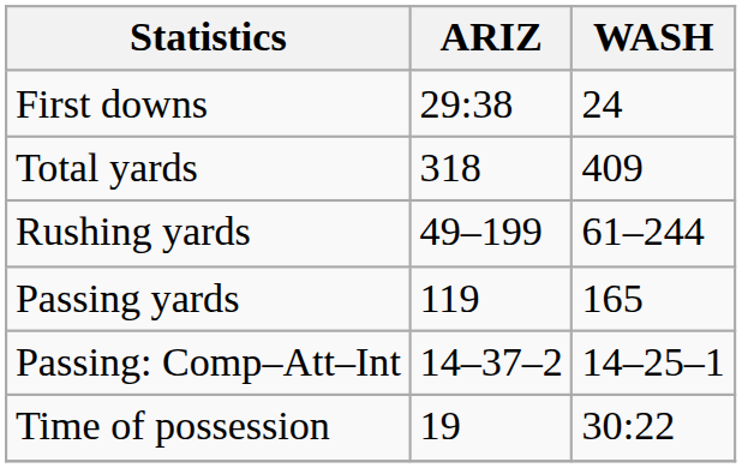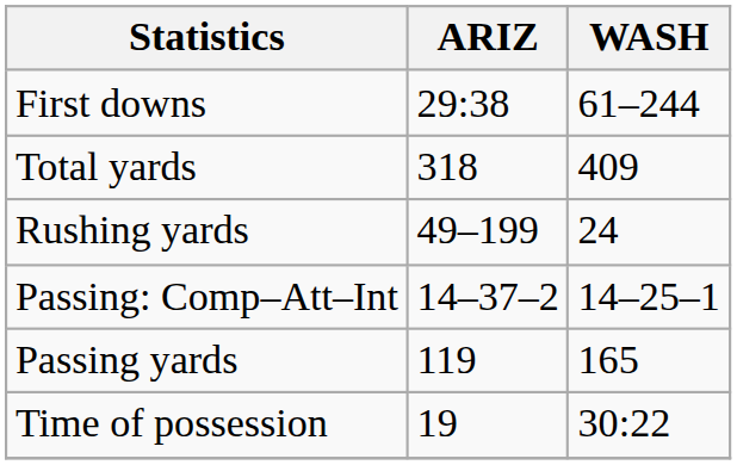 <table class="wikitable" style="float: left;">
 <tr>
 <th>Statistics</th>
 <th>ARIZ</th>
 <th>WASH</th>
 </tr>
 <tr>
 <td>First downs</td>
 <td>29:38</td>
-<td>24</td>
+<td>61–244</td>
 </tr>
 <tr>
 <td>Total yards</td>
 <td>318</td>
 <td>409</td>
 </tr>
 <tr>
 <td>Rushing yards</td>
 <td>49–199</td>
-<td>61–244</td>
+<td>24</td>
+</tr>
+<tr>
+<td>Passing: Comp–Att–Int</td>
+<td>14–37–2</td>
+<td>14–25–1</td>
 </tr>
 <tr>
 <td>Passing yards</td>
 <td>119</td>
 <td>165</td>
-</tr>
-<tr>
-<td>Passing: Comp–Att–Int</td>
-<td>14–37–2</td>
-<td>14–25–1</td>
 </tr>
 <tr>
 <td>Time of possession</td>
 <td>19</td>
 <td>30:22</td>
 </tr>
 <tr>
 </tr>
 </table>
